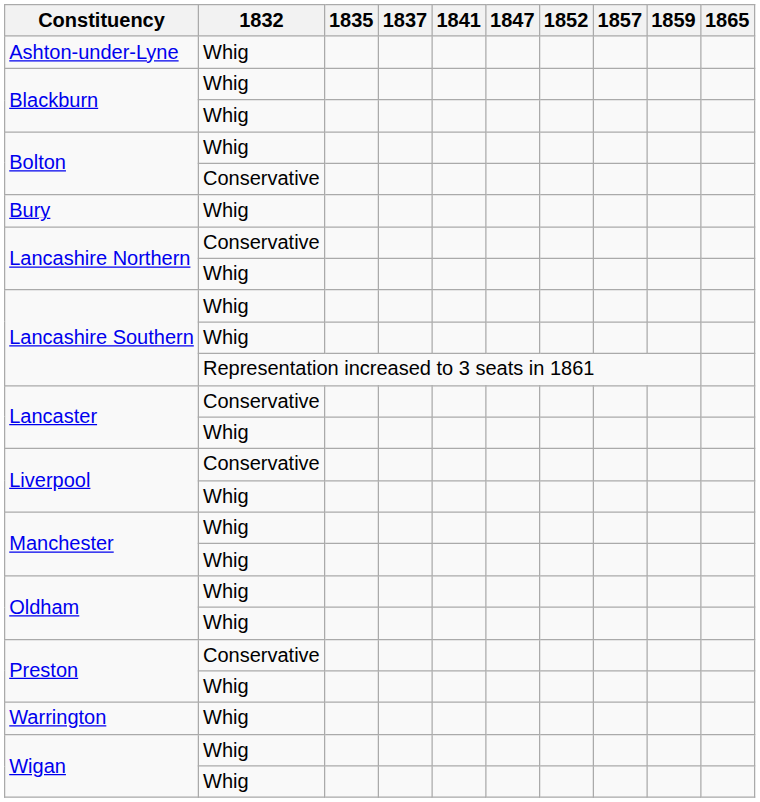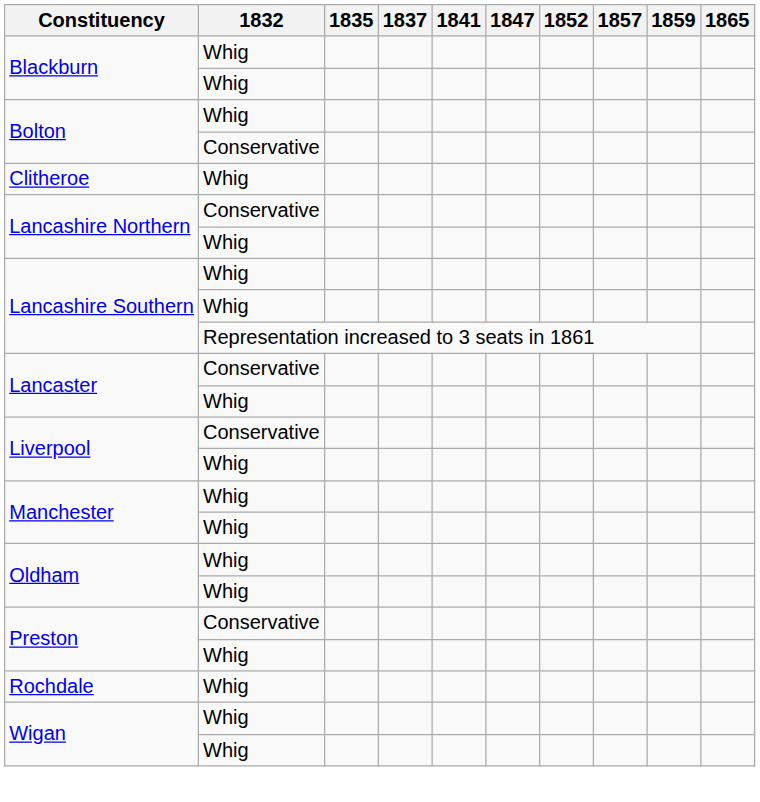 <table class=wikitable sortable>
 <tr>
 <th>Constituency</th>
 <th>1832</th>
 <th>1835</th>
 <th>1837</th>
 <th>1841</th>
 <th>1847</th>
 <th>1852</th>
 <th>1857</th>
 <th>1859</th>
 <th>1865</th>
-</tr>
-<tr>
-<td><a href='#'>Ashton-under-Lyne</a></td>
-<td bgcolor=>Whig</td>
-<td></td>
-<td></td>
-<td></td>
-<td></td>
-<td></td>
-<td></td>
-<td></td>
-<td></td>
 </tr>
 <tr>
 <td rowspan=2><a href='#'>Blackburn</a></td>
 <td bgcolor=>Whig</td>
 <td></td>
 <td></td>
 <td></td>
 <td></td>
 <td></td>
 <td></td>
 <td></td>
 <td></td>
 </tr>
 <tr>
 <td bgcolor=>Whig</td>
 <td></td>
 <td></td>
 <td></td>
 <td></td>
 <td></td>
 <td></td>
 <td></td>
 <td></td>
 </tr>
 <tr>
 <td rowspan=2><a href='#'>Bolton</a></td>
 <td bgcolor=>Whig</td>
 <td></td>
 <td></td>
 <td></td>
 <td></td>
 <td></td>
 <td></td>
 <td></td>
 <td></td>
 </tr>
 <tr>
 <td bgcolor=>Conservative</td>
 <td></td>
 <td></td>
 <td></td>
 <td></td>
 <td></td>
 <td></td>
 <td></td>
 <td></td>
 </tr>
 <tr>
-<td><a href='#'>Bury</a></td>
+<td><a href='#'>Clitheroe</a></td>
 <td>Whig</td>
 <td></td>
 <td></td>
 <td></td>
 <td></td>
 <td></td>
 <td></td>
 <td></td>
 <td></td>
 </tr>
 <tr>
 <td rowspan="2"><a href='#'>Lancashire Northern</a></td>
 <td>Conservative</td>
 <td></td>
 <td></td>
 <td></td>
 <td></td>
 <td></td>
 <td></td>
 <td></td>
 <td></td>
 </tr>
 <tr>
 <td>Whig</td>
 <td></td>
 <td></td>
 <td></td>
 <td></td>
 <td></td>
 <td></td>
 <td></td>
 <td></td>
 </tr>
 <tr>
 <td rowspan="3"><a href='#'>Lancashire Southern</a></td>
 <td>Whig</td>
 <td></td>
 <td></td>
 <td></td>
 <td></td>
 <td></td>
 <td></td>
 <td></td>
 <td></td>
 </tr>
 <tr>
 <td>Whig</td>
 <td></td>
 <td></td>
 <td></td>
 <td></td>
 <td></td>
 <td></td>
 <td></td>
 <td></td>
 </tr>
 <tr>
 <td colspan="8">Representation increased to 3 seats in 1861</td>
 <td></td>
 </tr>
 <tr>
 <td rowspan="2"><a href='#'>Lancaster</a></td>
 <td>Conservative</td>
 <td></td>
 <td></td>
 <td></td>
 <td></td>
 <td></td>
 <td></td>
 <td></td>
 <td></td>
 </tr>
 <tr>
 <td>Whig</td>
 <td></td>
 <td></td>
 <td></td>
 <td></td>
 <td></td>
 <td></td>
 <td></td>
 <td></td>
 </tr>
 <tr>
 <td rowspan="2"><a href='#'>Liverpool</a></td>
 <td>Conservative</td>
 <td></td>
 <td></td>
 <td></td>
 <td></td>
 <td></td>
 <td></td>
 <td></td>
 <td></td>
 </tr>
 <tr>
 <td>Whig</td>
 <td></td>
 <td></td>
 <td></td>
 <td></td>
 <td></td>
 <td></td>
 <td></td>
 <td></td>
 </tr>
 <tr>
 <td rowspan="2"><a href='#'>Manchester</a></td>
 <td>Whig</td>
 <td></td>
 <td></td>
 <td></td>
 <td></td>
 <td></td>
 <td></td>
 <td></td>
 <td></td>
 </tr>
 <tr>
 <td>Whig</td>
 <td></td>
 <td></td>
 <td></td>
 <td></td>
 <td></td>
 <td></td>
 <td></td>
 <td></td>
 </tr>
 <tr>
 <td rowspan="2"><a href='#'>Oldham</a></td>
 <td>Whig</td>
 <td></td>
 <td></td>
 <td></td>
 <td></td>
 <td></td>
 <td></td>
 <td></td>
 <td></td>
 </tr>
 <tr>
 <td>Whig</td>
 <td></td>
 <td></td>
 <td></td>
 <td></td>
 <td></td>
 <td></td>
 <td></td>
 <td></td>
 </tr>
 <tr>
 <td rowspan="2"><a href='#'>Preston</a></td>
 <td>Conservative</td>
 <td></td>
 <td></td>
 <td></td>
 <td></td>
 <td></td>
 <td></td>
 <td></td>
 <td></td>
 </tr>
 <tr>
 <td>Whig</td>
 <td></td>
 <td></td>
 <td></td>
 <td></td>
 <td></td>
 <td></td>
 <td></td>
 <td></td>
 </tr>
 <tr>
-<td><a href='#'>Warrington</a></td>
+<td><a href='#'>Rochdale</a></td>
 <td>Whig</td>
 <td></td>
 <td></td>
 <td></td>
 <td></td>
 <td></td>
 <td></td>
 <td></td>
 <td></td>
 </tr>
 <tr>
 <td rowspan="2"><a href='#'>Wigan</a></td>
 <td>Whig</td>
 <td></td>
 <td></td>
 <td></td>
 <td></td>
 <td></td>
 <td></td>
 <td></td>
 <td></td>
 </tr>
 <tr>
 <td>Whig</td>
 <td></td>
 <td></td>
 <td></td>
 <td></td>
 <td></td>
 <td></td>
 <td></td>
 <td></td>
 </tr>
 </table>
